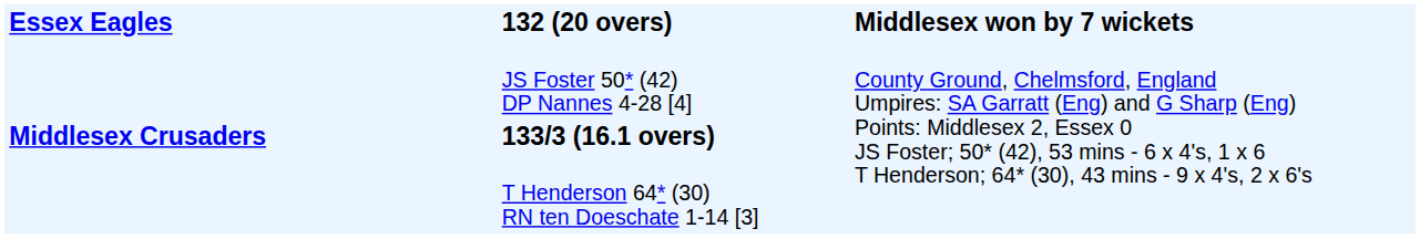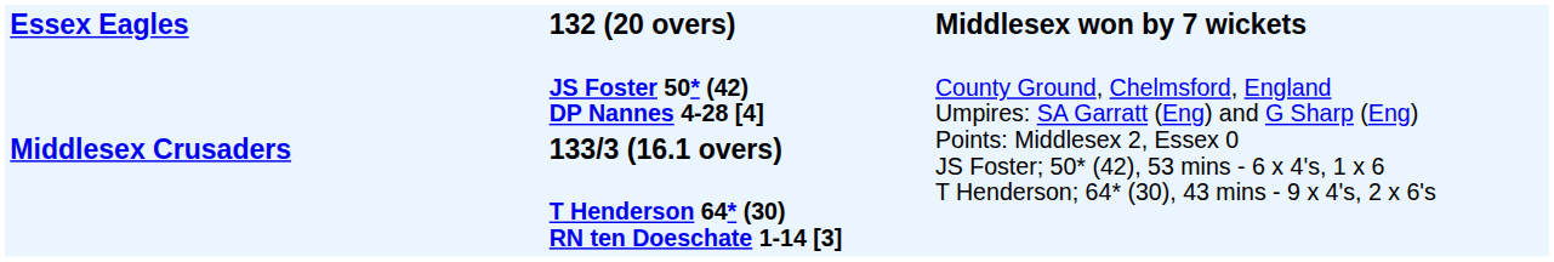 <table style="width:100%; background:#ebf5ff;">
 <tr>
 <td style="width:35%; vertical-align:top;" rowspan="2"><strong><a href='#'>Essex Eagles</a></strong></td>
 <td style="width:25%;"><strong>132 (20 overs)</strong></td>
 <td style="width:40%;"><strong>Middlesex won by 7 wickets</strong></td>
 </tr>
 <tr>
-<td style="font-size: 85%;"><br><a href='#'>JS Foster</a> 50<a href='#'>*</a> (42)<br> <a href='#'>DP Nannes</a> 4-28 [4]</td>
+<td style="font-size: 85%;"><strong><br><a href='#'>JS Foster</a> 50<a href='#'>*</a> (42)<br> <a href='#'>DP Nannes</a> 4-28 [4]</strong></td>
 <td style="vertical-align:top; font-size:85%;" rowspan="3"><br><a href='#'>County Ground</a>, <a href='#'>Chelmsford</a>, <a href='#'>England</a><br> Umpires: <a href='#'>SA Garratt</a> (<a href='#'>Eng</a>) and <a href='#'>G Sharp</a> (<a href='#'>Eng</a>)<br> Points: Middlesex 2, Essex 0<br>JS Foster; 50* (42), 53 mins - 6 x 4's, 1 x 6<br> T Henderson; 64* (30), 43 mins - 9 x 4's, 2 x 6's</td>
 </tr>
 <tr>
 <td style="vertical-align:top;" rowspan="2"><strong><a href='#'>Middlesex Crusaders</a></strong></td>
 <td><strong>133/3 (16.1 overs)</strong></td>
 </tr>
 <tr>
-<td style="font-size: 85%;"><br><a href='#'>T Henderson</a> 64<a href='#'>*</a> (30)<br> <a href='#'>RN ten Doeschate</a> 1-14 [3]</td>
+<td style="font-size: 85%;"><strong><br><a href='#'>T Henderson</a> 64<a href='#'>*</a> (30)<br> <a href='#'>RN ten Doeschate</a> 1-14 [3]</strong></td>
 </tr>
 </table>
